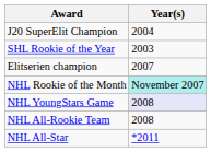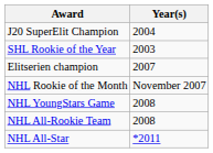 <table class="wikitable">
 <tr>
 <th>Award</th>
 <th>Year(s)</th>
 </tr>
 <tr>
 <td>J20 SuperElit Champion</td>
 <td>2004</td>
 </tr>
 <tr>
 <td><a href='#'>SHL Rookie of the Year</a></td>
 <td>2003</td>
 </tr>
 <tr>
 <td>Elitserien champion</td>
 <td>2007</td>
 </tr>
 <tr>
 <td><a href='#'>NHL</a> Rookie of the Month</td>
-<td style="background: paleturquoise;">November 2007</td>
+<td>November 2007</td>
 </tr>
 <tr>
 <td><a href='#'>NHL YoungStars Game</a></td>
-<td style="background: lavender;">2008</td>
+<td>2008</td>
 </tr>
 <tr>
 <td><a href='#'>NHL All-Rookie Team</a></td>
 <td>2008</td>
 </tr>
 <tr>
 <td><a href='#'>NHL All-Star</a></td>
 <td><a href='#'>*2011</a></td>
 </tr>
 </table>
